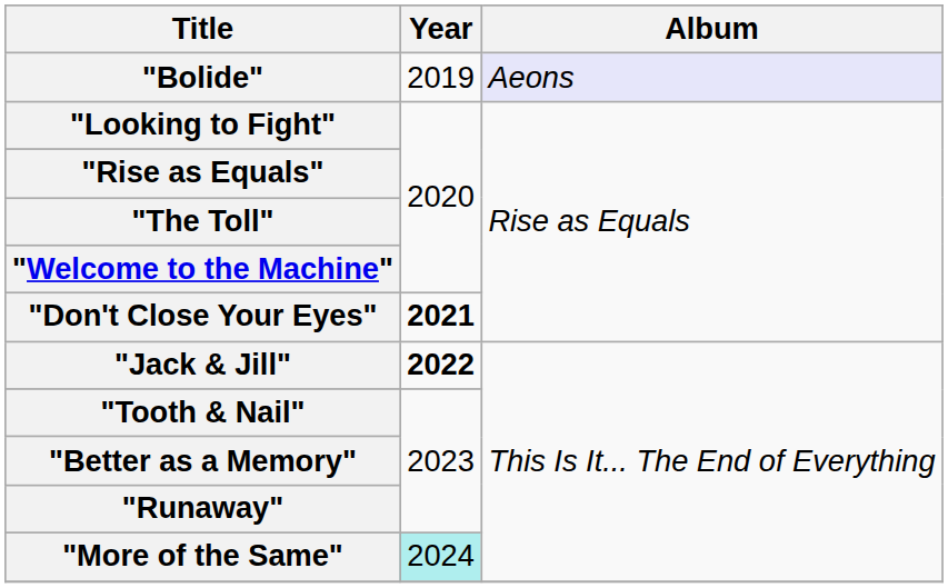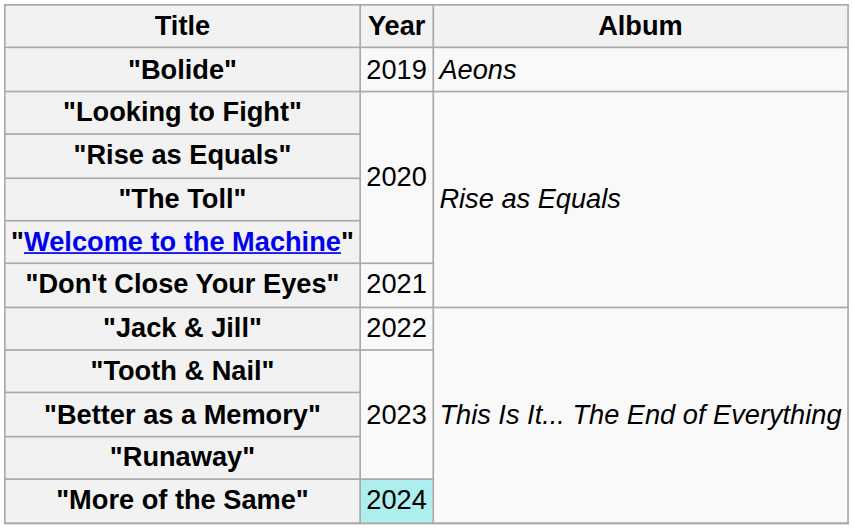 <table class="wikitable plainrowheaders">
 <tr>
 <th>Title</th>
 <th>Year</th>
 <th>Album</th>
 </tr>
 <tr>
 <th scope="row">"Bolide"</th>
 <td>2019</td>
-<td style="background: lavender;"><em>Aeons</em></td>
+<td><em>Aeons</em></td>
 </tr>
 <tr>
 <th scope="row">"Looking to Fight"</th>
 <td rowspan="4">2020</td>
 <td rowspan="5"><em>Rise as Equals</em></td>
 </tr>
 <tr>
 <th scope="row">"Rise as Equals"</th>
 </tr>
 <tr>
 <th scope="row">"The Toll"</th>
 </tr>
 <tr>
 <th scope="row">"<a href='#'>Welcome to the Machine</a>" </th>
 </tr>
 <tr>
 <th scope="row">"Don't Close Your Eyes"</th>
-<td><strong>2021</strong></td>
+<td>2021</td>
 </tr>
 <tr>
 <th scope="row">"Jack & Jill"</th>
-<td><strong>2022</strong></td>
+<td>2022</td>
 <td rowspan="5"><em>This Is It... The End of Everything</em></td>
 </tr>
 <tr>
 <th scope="row">"Tooth & Nail"</th>
 <td rowspan="3">2023</td>
 </tr>
 <tr>
 <th scope="row">"Better as a Memory"</th>
 </tr>
 <tr>
 <th scope="row">"Runaway"</th>
 </tr>
 <tr>
 <th scope="row">"More of the Same"</th>
 <td style="background: paleturquoise;">2024</td>
 </tr>
 <tr>
 </tr>
 </table>
